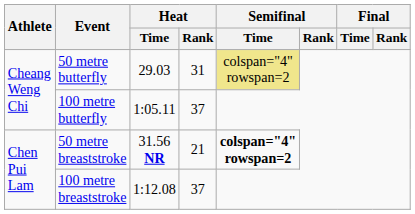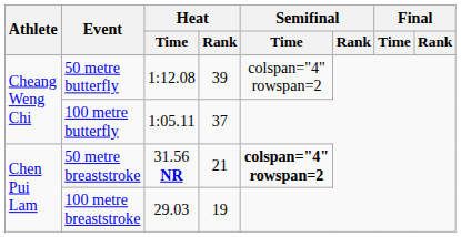 <table class="wikitable" style="text-align:center; font-size:90%; width:50%;">
 <tr>
 <th rowspan="2">Athlete</th>
 <th rowspan="2">Event</th>
 <th colspan="2">Heat</th>
 <th colspan="2">Semifinal</th>
 <th colspan="2">Final</th>
 </tr>
 <tr style="font-size:95%">
 <th>Time</th>
 <th>Rank</th>
 <th>Time</th>
 <th>Rank</th>
 <th>Time</th>
 <th>Rank</th>
 </tr>
 <tr align=center>
 <td align=left rowspan=2><a href='#'>Cheang Weng Chi</a></td>
 <td align=left><a href='#'>50 metre butterfly</a></td>
-<td>29.03</td>
-<td>31</td>
-<td style="background: khaki;">colspan="4" rowspan=2 </td>
+<td>1:12.08</td>
+<td>39</td>
+<td>colspan="4" rowspan=2 </td>
 </tr>
 <tr align=center>
 <td align=left><a href='#'>100 metre butterfly</a></td>
 <td>1:05.11</td>
 <td>37</td>
 </tr>
 <tr align=center>
 <td align=left rowspan="2"><a href='#'>Chen Pui Lam</a></td>
 <td align=left><a href='#'>50 metre breaststroke</a></td>
 <td>31.56 <strong><a href='#'>NR</a></strong></td>
 <td>21</td>
 <td><strong>colspan="4" rowspan=2 </strong></td>
 </tr>
 <tr align=center>
 <td align=left><a href='#'>100 metre breaststroke</a></td>
-<td>1:12.08</td>
-<td>37</td>
+<td>29.03</td>
+<td>19</td>
 </tr>
 </table>
